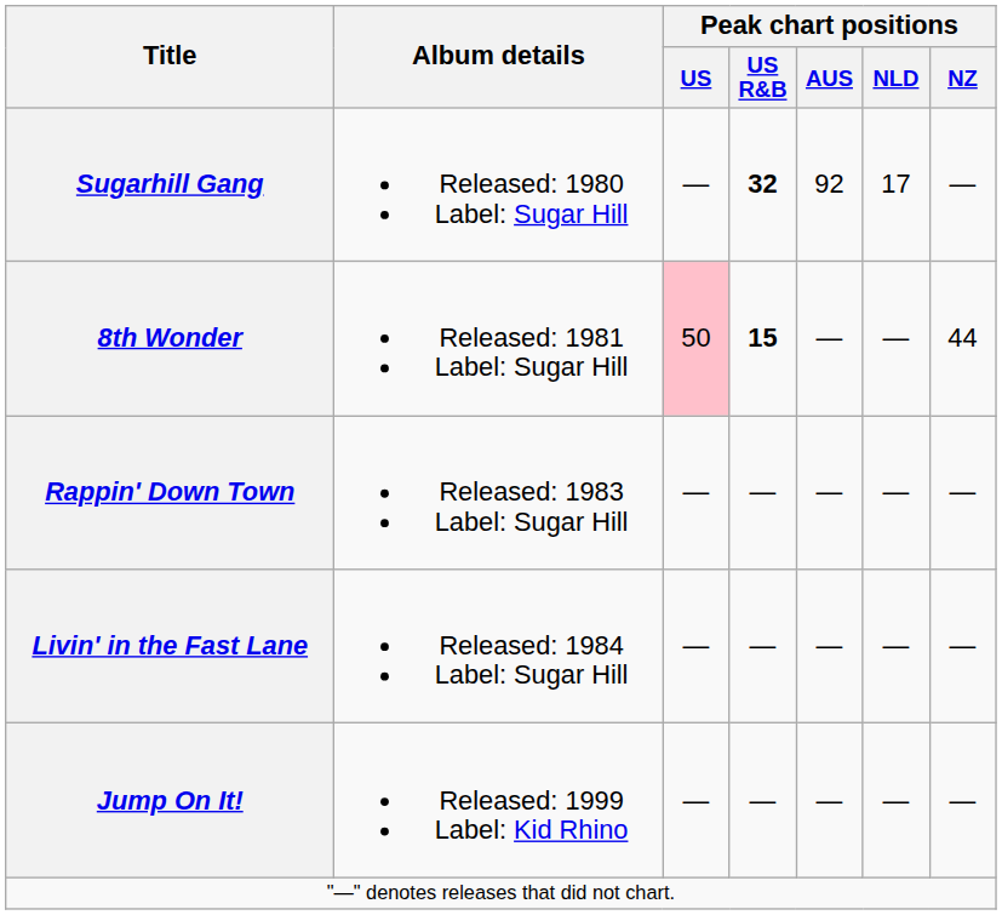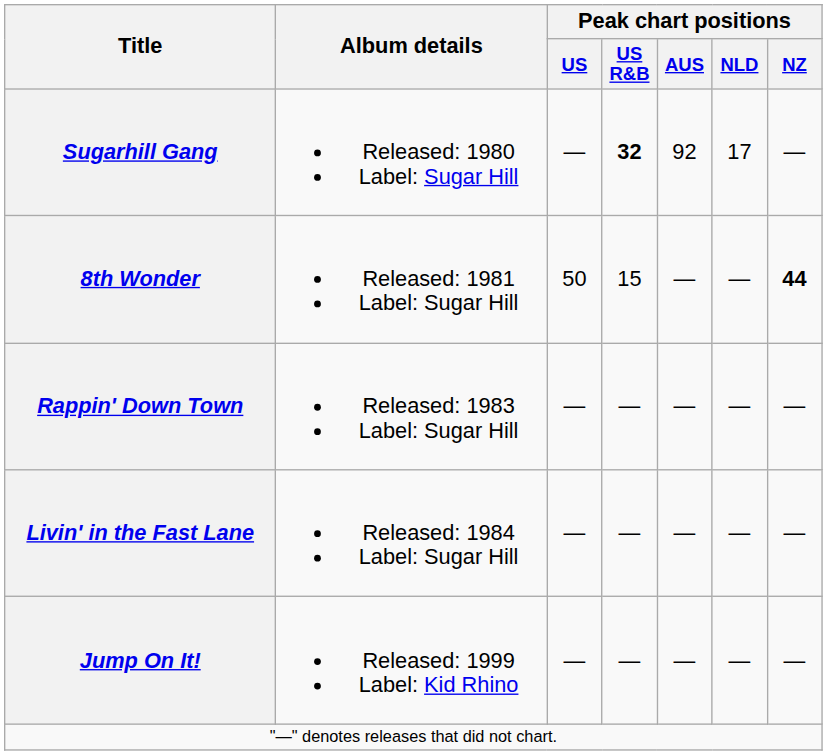 <table class="wikitable plainrowheaders" style="text-align:center;">
 <tr>
 <th rowspan="2" style="width:12em;">Title</th>
 <th rowspan="2" style="width:12em;">Album details</th>
 <th colspan="5">Peak chart positions</th>
 </tr>
 <tr>
 <th scope="col" style="width:2.5em;font-size:85%"><a href='#'>US</a><br></th>
 <th scope="col" style="width:2.5em;font-size:85%"><a href='#'>US<br>R&B</a><br></th>
 <th scope="col" style="width:2.5em;font-size:85%"><a href='#'>AUS</a><br></th>
 <th scope="col" style="width:2.5em;font-size:85%"><a href='#'>NLD</a><br></th>
 <th scope="col" style="width:2.5em;font-size:85%"><a href='#'>NZ</a><br></th>
 </tr>
 <tr>
 <th scope="row"><em><a href='#'>Sugarhill Gang</a></em></th>
 <td><br><ul><li>Released: 1980</li><li>Label: <a href='#'>Sugar Hill</a></li></ul></td>
 <td>—</td>
 <td><strong>32</strong></td>
 <td>92</td>
 <td>17</td>
 <td>—</td>
 </tr>
 <tr>
 <th scope="row"><em><a href='#'>8th Wonder</a></em></th>
 <td><br><ul><li>Released: 1981</li><li>Label: Sugar Hill</li></ul></td>
-<td style="background: pink;">50</td>
-<td><strong>15</strong></td>
+<td>50</td>
+<td>15</td>
 <td>—</td>
 <td>—</td>
-<td>44</td>
+<td><strong>44</strong></td>
 </tr>
 <tr>
 <th scope="row"><em><a href='#'>Rappin' Down Town</a></em></th>
 <td><br><ul><li>Released: 1983</li><li>Label: Sugar Hill</li></ul></td>
 <td>—</td>
 <td>—</td>
 <td>—</td>
 <td>—</td>
 <td>—</td>
 </tr>
 <tr>
 <th scope="row"><em><a href='#'>Livin' in the Fast Lane</a></em></th>
 <td><br><ul><li>Released: 1984</li><li>Label: Sugar Hill</li></ul></td>
 <td>—</td>
 <td>—</td>
 <td>—</td>
 <td>—</td>
 <td>—</td>
 </tr>
 <tr>
 <th scope="row"><em><a href='#'>Jump On It!</a></em></th>
 <td><br><ul><li>Released: 1999</li><li>Label: <a href='#'>Kid Rhino</a></li></ul></td>
 <td>—</td>
 <td>—</td>
 <td>—</td>
 <td>—</td>
 <td>—</td>
 </tr>
 <tr>
 <td colspan="10" style="text-align:center; font-size:9pt;">"—" denotes releases that did not chart.</td>
 </tr>
 </table>
